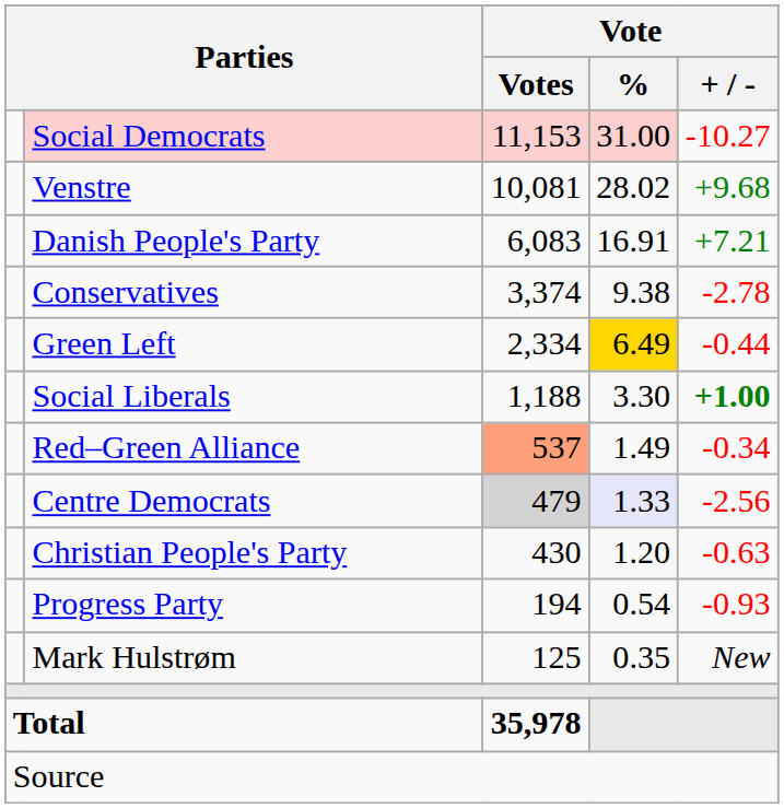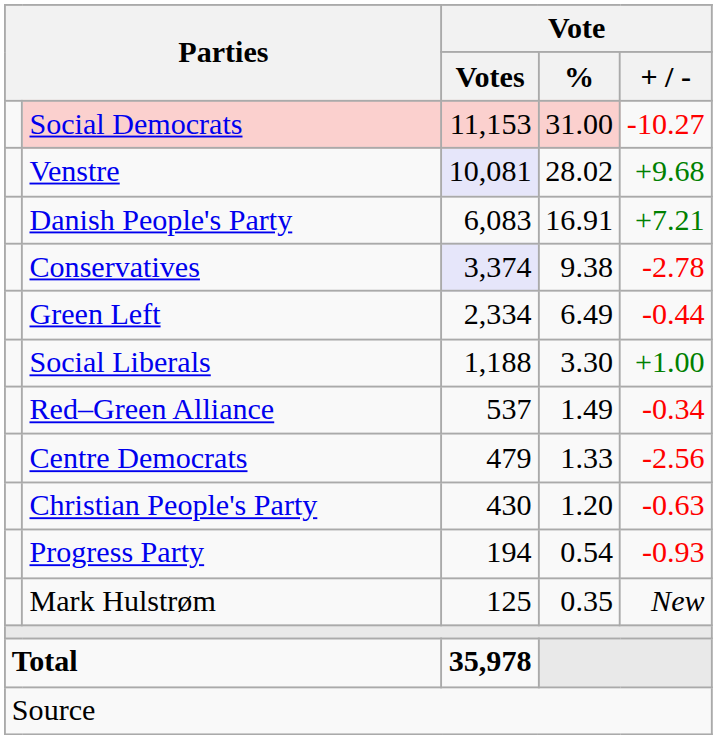 <table class="wikitable" style="text-align:right;">
 <tr>
 <th style="text-align:centre;" rowspan="2" colspan="2" width="225">Parties</th>
 <th colspan="3">Vote</th>
 </tr>
 <tr>
 <th width="15">Votes</th>
 <th width="15">%</th>
 <th width="15">+ / -</th>
 </tr>
 <tr>
 <td width="2" style="color:inherit;background:"></td>
 <td bgcolor=#fbd0ce  align="left"><a href='#'>Social Democrats</a></td>
 <td bgcolor=#fbd0ce>11,153</td>
 <td bgcolor=#fbd0ce>31.00</td>
 <td style=color:red;>-10.27</td>
 </tr>
 <tr>
 <td width="2" style="color:inherit;background:"></td>
 <td align="left"><a href='#'>Venstre</a></td>
-<td>10,081</td>
+<td style="background: lavender;">10,081</td>
 <td>28.02</td>
 <td style=color:green;>+9.68</td>
 </tr>
 <tr>
 <td width="2" style="color:inherit;background:"></td>
 <td align="left"><a href='#'>Danish People's Party</a></td>
 <td>6,083</td>
 <td>16.91</td>
 <td style=color:green;>+7.21</td>
 </tr>
 <tr>
 <td width="2" style="color:inherit;background:"></td>
 <td align="left"><a href='#'>Conservatives</a></td>
-<td>3,374</td>
+<td style="background: lavender;">3,374</td>
 <td>9.38</td>
 <td style=color:red;>-2.78</td>
 </tr>
 <tr>
 <td width="2" style="color:inherit;background:"></td>
 <td align="left"><a href='#'>Green Left</a></td>
 <td>2,334</td>
-<td style="background: gold;">6.49</td>
+<td>6.49</td>
 <td style=color:red;>-0.44</td>
 </tr>
 <tr>
 <td width="2" style="color:inherit;background:"></td>
 <td align="left"><a href='#'>Social Liberals</a></td>
 <td>1,188</td>
 <td>3.30</td>
-<td style=color:green;><strong>+1.00</strong></td>
+<td style=color:green;>+1.00</td>
 </tr>
 <tr>
 <td width="2" style="color:inherit;background:"></td>
 <td align="left"><a href='#'>Red–Green Alliance</a></td>
-<td style="background: lightsalmon;">537</td>
+<td>537</td>
 <td>1.49</td>
 <td style=color:red;>-0.34</td>
 </tr>
 <tr>
 <td width="2" style="color:inherit;background:"></td>
 <td align="left"><a href='#'>Centre Democrats</a></td>
-<td style="background: lightgrey;">479</td>
-<td style="background: lavender;">1.33</td>
+<td>479</td>
+<td>1.33</td>
 <td style=color:red;>-2.56</td>
 </tr>
 <tr>
 <td width="2" style="color:inherit;background:"></td>
 <td align="left"><a href='#'>Christian People's Party</a></td>
 <td>430</td>
 <td>1.20</td>
 <td style=color:red;>-0.63</td>
 </tr>
 <tr>
 <td width="2" style="color:inherit;background:"></td>
 <td align="left"><a href='#'>Progress Party</a></td>
 <td>194</td>
 <td>0.54</td>
 <td style=color:red;>-0.93</td>
 </tr>
 <tr>
 <td width="2" style="color:inherit;background:"></td>
 <td align="left">Mark Hulstrøm</td>
 <td>125</td>
 <td>0.35</td>
 <td><em>New</em></td>
 </tr>
 <tr>
 <td colspan="7" bgcolor="#E9E9E9"></td>
 </tr>
 <tr>
 <td align="left" colspan="2"><strong>Total</strong></td>
 <td><strong>35,978</strong></td>
 <td bgcolor="#E9E9E9" colspan="2"></td>
 </tr>
 <tr>
 <td align="left" colspan="6">Source</td>
 </tr>
 </table>
